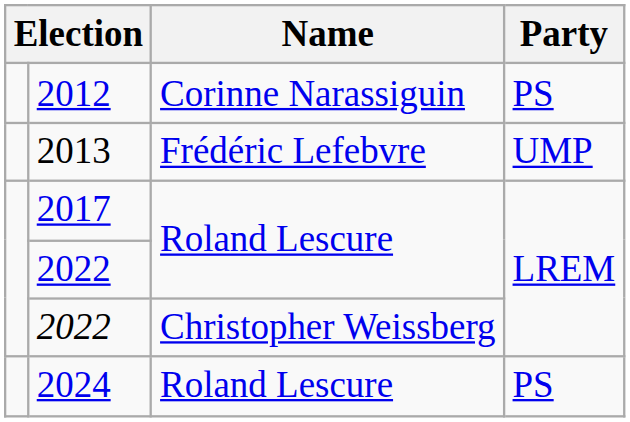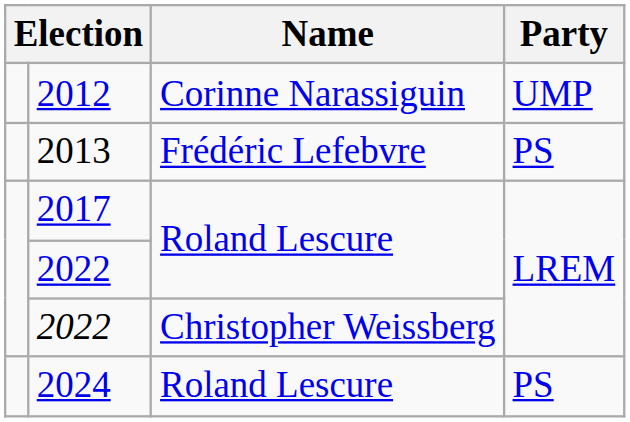 <table class="wikitable">
 <tr>
 <th colspan="2">Election</th>
 <th>Name</th>
 <th>Party</th>
 </tr>
 <tr>
 <td style="color:inherit;background-color: "></td>
 <td><a href='#'>2012</a></td>
 <td><a href='#'>Corinne Narassiguin</a></td>
-<td><a href='#'>PS</a></td>
+<td><a href='#'>UMP</a></td>
 </tr>
 <tr>
 <td style="color:inherit;background-color: "></td>
 <td>2013</td>
 <td><a href='#'>Frédéric Lefebvre</a></td>
-<td><a href='#'>UMP</a></td>
+<td><a href='#'>PS</a></td>
 </tr>
 <tr>
 <td rowspan="3" style="color:inherit;background-color: "></td>
 <td><a href='#'>2017</a></td>
 <td rowspan="2"><a href='#'>Roland Lescure</a></td>
 <td rowspan="3"><a href='#'>LREM</a></td>
 </tr>
 <tr>
 <td><a href='#'>2022</a></td>
 </tr>
 <tr>
 <td><em>2022</em></td>
 <td><a href='#'>Christopher Weissberg</a></td>
 </tr>
 <tr>
 <td style="color:inherit;background-color: "></td>
 <td><a href='#'>2024</a></td>
 <td><a href='#'>Roland Lescure</a></td>
 <td><a href='#'>PS</a></td>
 </tr>
 </table>
